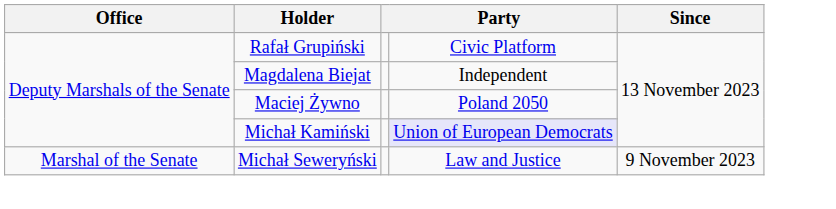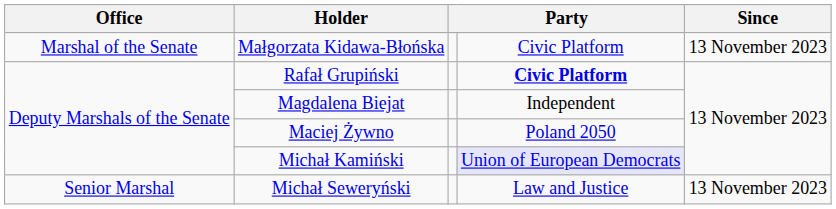 <table class="wikitable" width="auto" style="text-align: center">
 <tr>
 <th>Office</th>
 <th>Holder</th>
 <th colspan=2>Party</th>
 <th>Since</th>
 </tr>
 <tr>
+<td><a href='#'>Marshal of the Senate</a></td>
+<td><a href='#'>Małgorzata Kidawa-Błońska</a></td>
+<td style="background: "></td>
+<td><a href='#'>Civic Platform</a></td>
+<td>13 November 2023</td>
+</tr>
+<tr>
 <td rowspan=4><a href='#'>Deputy Marshals of the Senate</a></td>
 <td><a href='#'>Rafał Grupiński</a></td>
 <td style="background: "></td>
-<td><a href='#'>Civic Platform</a></td>
+<td><strong><a href='#'>Civic Platform</a></strong></td>
 <td rowspan=4>13 November 2023</td>
 </tr>
 <tr>
 <td><a href='#'>Magdalena Biejat</a></td>
 <td style="background: "></td>
 <td>Independent</td>
 </tr>
 <tr>
 <td><a href='#'>Maciej Żywno</a></td>
 <td style="background: "></td>
 <td><a href='#'>Poland 2050</a></td>
 </tr>
 <tr>
 <td><a href='#'>Michał Kamiński</a></td>
 <td style="background: "></td>
 <td style="background: lavender;"><a href='#'>Union of European Democrats</a></td>
 </tr>
 <tr>
-<td><a href='#'>Marshal of the Senate</a></td>
+<td><a href='#'>Senior Marshal</a></td>
 <td><a href='#'>Michał Seweryński</a></td>
 <td style="background: "></td>
 <td><a href='#'>Law and Justice</a></td>
-<td>9 November 2023</td>
+<td>13 November 2023</td>
 </tr>
 </table>
